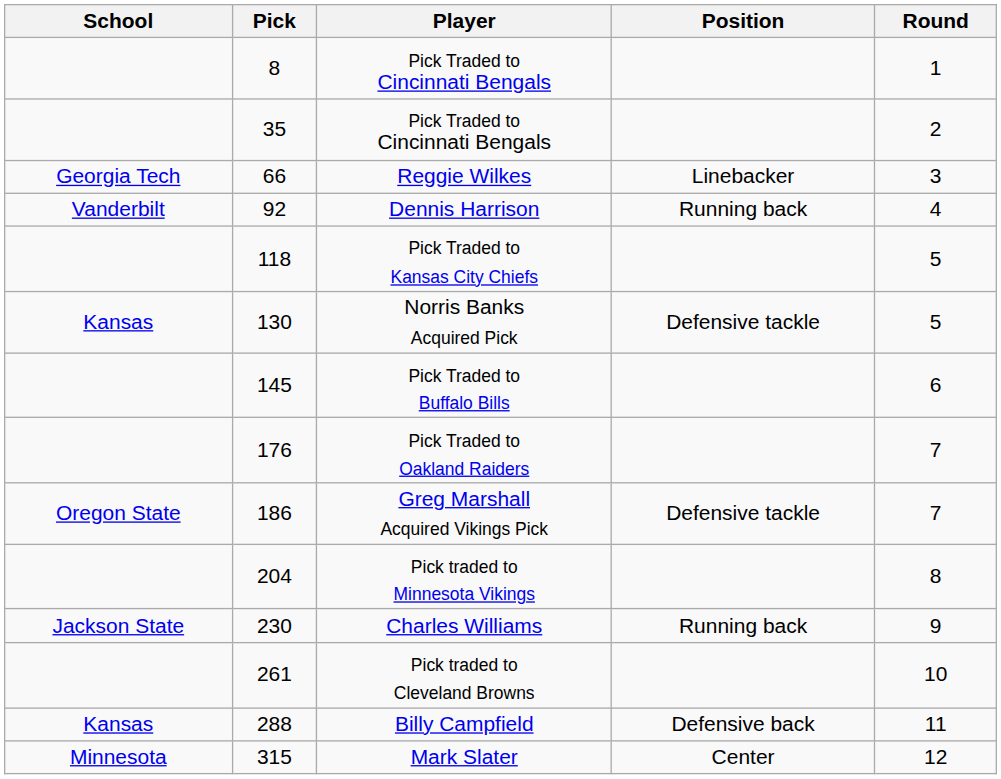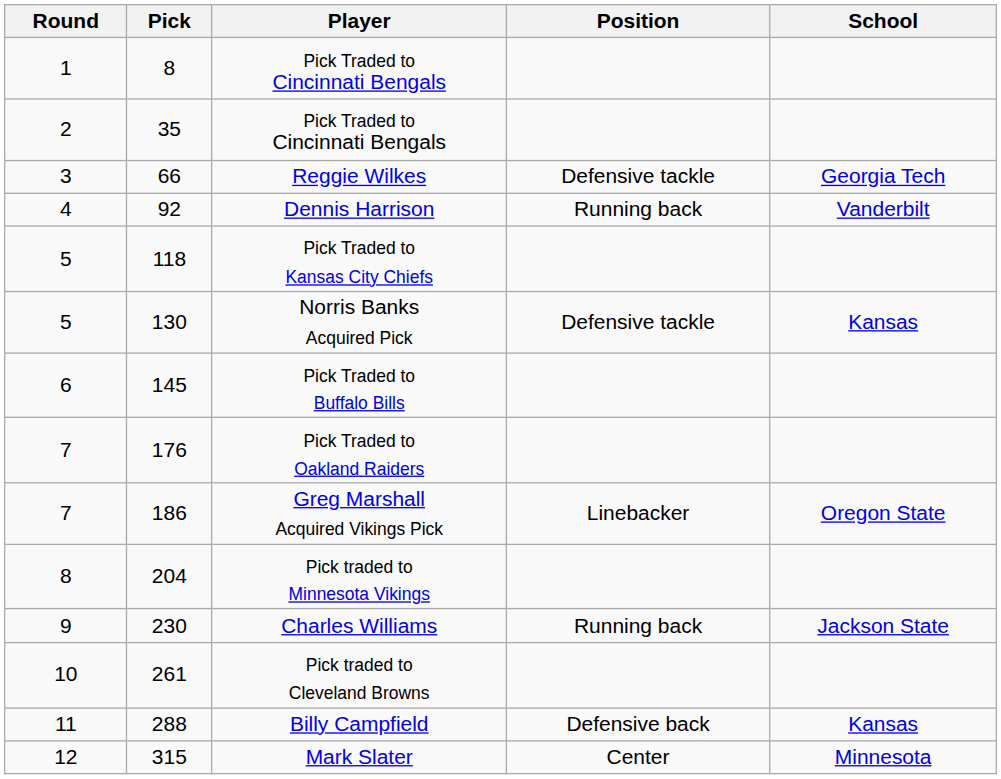 <table class="wikitable sortable sortable" style="width:60%">
 <tr>
-<th !width=10%>School</th>
+<th>Round</th>
 <th !width=1%>Pick</th>
 <th !width=15%>Player</th>
 <th !width=5%>Position</th>
-<th>Round</th>
+<th !width=10%>School</th>
 </tr>
 <tr align="center">
-<td></td>
+<td>1</td>
 <td>8</td>
 <td><sub>Pick Traded to</sub><br><a href='#'>Cincinnati Bengals</a></td>
 <td></td>
-<td>1</td>
+<td></td>
 </tr>
 <tr align="center">
-<td></td>
+<td>2</td>
 <td>35</td>
 <td><sub> Pick Traded to</sub> <br> Cincinnati Bengals</td>
 <td></td>
-<td>2</td>
+<td></td>
 </tr>
 <tr align="center">
-<td><a href='#'>Georgia Tech</a></td>
+<td>3</td>
 <td>66</td>
 <td><a href='#'>Reggie Wilkes</a></td>
-<td>Linebacker</td>
-<td>3</td>
+<td>Defensive tackle</td>
+<td><a href='#'>Georgia Tech</a></td>
 </tr>
 <tr align="center" bgcolor="">
-<td><a href='#'>Vanderbilt</a></td>
+<td>4</td>
 <td>92</td>
 <td><a href='#'>Dennis Harrison</a></td>
 <td>Running back</td>
-<td>4</td>
+<td><a href='#'>Vanderbilt</a></td>
 </tr>
 <tr align="center" bgcolor="">
-<td></td>
+<td>5</td>
 <td>118</td>
 <td><sub>Pick Traded to <br><a href='#'>Kansas City Chiefs</a></sub></td>
 <td></td>
-<td>5</td>
+<td></td>
 </tr>
 <tr align="center">
-<td><a href='#'>Kansas</a></td>
+<td>5</td>
 <td>130</td>
 <td>Norris Banks<br><sub> Acquired Pick</sub></td>
 <td>Defensive tackle</td>
-<td>5</td>
+<td><a href='#'>Kansas</a></td>
 </tr>
 <tr align="center">
-<td></td>
+<td>6</td>
 <td>145</td>
 <td><sub>Pick Traded to <br><a href='#'>Buffalo Bills</a> </sub></td>
 <td></td>
-<td>6</td>
+<td></td>
 </tr>
 <tr align="center">
-<td></td>
+<td>7</td>
 <td>176</td>
 <td><sub>Pick Traded to <br><a href='#'>Oakland Raiders</a></sub></td>
 <td></td>
-<td>7</td>
+<td></td>
 </tr>
 <tr align="center">
-<td><a href='#'>Oregon State</a></td>
+<td>7</td>
 <td>186</td>
 <td><a href='#'>Greg Marshall</a><br><sub> Acquired Vikings Pick</sub></td>
-<td>Defensive tackle</td>
-<td>7</td>
+<td>Linebacker</td>
+<td><a href='#'>Oregon State</a></td>
 </tr>
 <tr align="center" bgcolor="">
-<td></td>
+<td>8</td>
 <td>204</td>
 <td><sub> Pick traded to <br><a href='#'>Minnesota Vikings</a></sub></td>
 <td></td>
-<td>8</td>
+<td></td>
 </tr>
 <tr align="center" bgcolor="">
-<td><a href='#'>Jackson State</a></td>
+<td>9</td>
 <td>230</td>
 <td><a href='#'>Charles Williams</a></td>
 <td>Running back</td>
-<td>9</td>
+<td><a href='#'>Jackson State</a></td>
 </tr>
 <tr align="center" bgcolor="">
-<td></td>
+<td>10</td>
 <td>261</td>
 <td><sub> Pick traded to <br> Cleveland Browns</sub></td>
 <td></td>
-<td>10</td>
+<td></td>
 </tr>
 <tr align="center">
-<td><a href='#'>Kansas</a></td>
+<td>11</td>
 <td>288</td>
 <td><a href='#'>Billy Campfield</a></td>
 <td>Defensive back</td>
-<td>11</td>
+<td><a href='#'>Kansas</a></td>
 </tr>
 <tr align="center">
-<td><a href='#'>Minnesota</a></td>
+<td>12</td>
 <td>315</td>
 <td><a href='#'>Mark Slater</a></td>
 <td>Center</td>
-<td>12</td>
+<td><a href='#'>Minnesota</a></td>
 </tr>
 </table>
